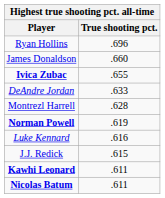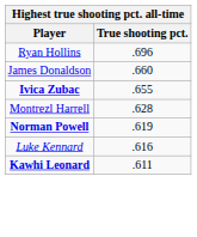 <table class="wikitable sortable" style="text-align:center">
 <tr>
 <th colspan="2">Highest true shooting pct. all-time</th>
 </tr>
 <tr>
 <th>Player</th>
 <th>True shooting pct.</th>
 </tr>
 <tr>
 <td><a href='#'>Ryan Hollins</a></td>
 <td>.696</td>
 </tr>
 <tr>
 <td><a href='#'>James Donaldson</a></td>
 <td>.660</td>
 </tr>
 <tr>
 <td><strong><a href='#'>Ivica Zubac</a></strong></td>
 <td>.655</td>
 </tr>
 <tr>
-<td><em><a href='#'>DeAndre Jordan</a></em></td>
-<td>.633</td>
-</tr>
-<tr>
 <td><a href='#'>Montrezl Harrell</a></td>
 <td>.628</td>
 </tr>
 <tr>
 <td><strong><a href='#'>Norman Powell</a></strong></td>
 <td>.619</td>
 </tr>
 <tr>
 <td><em><a href='#'>Luke Kennard</a></em></td>
 <td>.616</td>
 </tr>
 <tr>
-<td><a href='#'>J.J. Redick</a></td>
-<td>.615</td>
-</tr>
-<tr>
 <td><strong><a href='#'>Kawhi Leonard</a></strong></td>
 <td>.611</td>
 </tr>
-<tr>
-<td><strong><a href='#'>Nicolas Batum</a></strong></td>
-<td>.611</td>
-</tr>
 </table>
